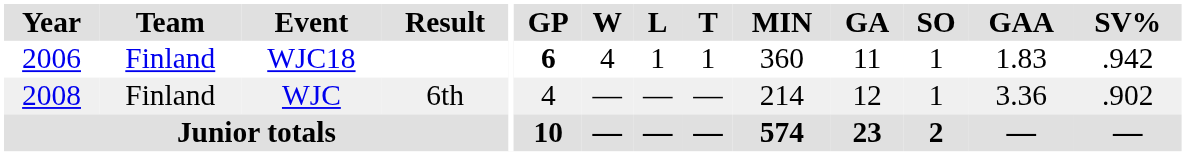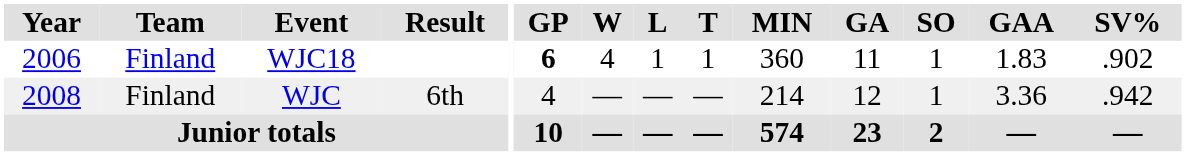 <table border="0" cellpadding="1" cellspacing="0" ID="Table3" style="text-align:center; width:40em">
 <tr ALIGN="center" bgcolor="#e0e0e0">
 <th>Year</th>
 <th>Team</th>
 <th>Event</th>
 <th>Result</th>
 <th rowspan="99" bgcolor="#ffffff"></th>
 <th>GP</th>
 <th>W</th>
 <th>L</th>
 <th>T</th>
 <th>MIN</th>
 <th>GA</th>
 <th>SO</th>
 <th>GAA</th>
 <th>SV%</th>
 </tr>
 <tr ALIGN="center">
 <td><a href='#'>2006</a></td>
 <td><a href='#'>Finland</a></td>
 <td><a href='#'>WJC18</a></td>
 <td></td>
 <td><strong>6</strong></td>
 <td>4</td>
 <td>1</td>
 <td>1</td>
 <td>360</td>
 <td>11</td>
 <td>1</td>
 <td>1.83</td>
-<td>.942</td>
+<td>.902</td>
 </tr>
 <tr ALIGN="center"  bgcolor="#f0f0f0">
 <td><a href='#'>2008</a></td>
 <td>Finland</td>
 <td><a href='#'>WJC</a></td>
 <td>6th</td>
 <td>4</td>
 <td>—</td>
 <td>—</td>
 <td>—</td>
 <td>214</td>
 <td>12</td>
 <td>1</td>
 <td>3.36</td>
-<td>.902</td>
+<td>.942</td>
 </tr>
 <tr ALIGN="center" bgcolor="#e0e0e0">
 <th colspan=4>Junior totals</th>
 <th>10</th>
 <th>—</th>
 <th>—</th>
 <th>—</th>
 <th>574</th>
 <th>23</th>
 <th>2</th>
 <th>—</th>
 <th>—</th>
 </tr>
 </table>
